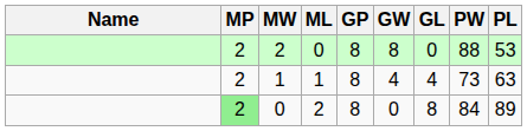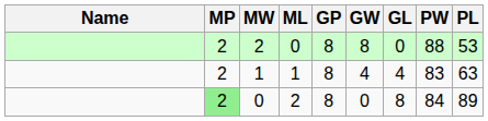 <table class=wikitable style="text-align:center">
 <tr>
 <th width=175>Name</th>
 <th width=20>MP</th>
 <th width=20>MW</th>
 <th width=20>ML</th>
 <th width=20>GP</th>
 <th width=20>GW</th>
 <th width=20>GL</th>
 <th width=20>PW</th>
 <th width=20>PL</th>
 </tr>
 <tr style="background-color:#ccffcc;">
 <td style="text-align:left;"><strong></strong></td>
 <td>2</td>
 <td>2</td>
 <td>0</td>
 <td>8</td>
 <td>8</td>
 <td>0</td>
 <td>88</td>
 <td>53</td>
 </tr>
 <tr>
 <td style="text-align:left;"></td>
 <td>2</td>
 <td>1</td>
 <td>1</td>
 <td>8</td>
 <td>4</td>
 <td>4</td>
-<td>73</td>
+<td>83</td>
 <td>63</td>
 </tr>
 <tr>
 <td style="text-align:left;"></td>
 <td style="background: lightgreen;">2</td>
 <td>0</td>
 <td>2</td>
 <td>8</td>
 <td>0</td>
 <td>8</td>
 <td>84</td>
 <td>89</td>
 </tr>
 </table>
